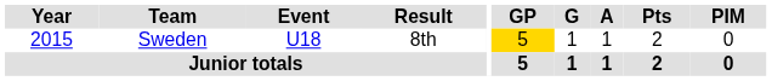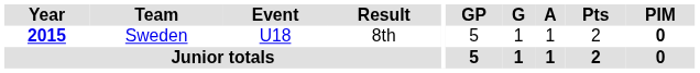 <table border="0" cellpadding="1" cellspacing="0" ID="Table3" style="text-align:center; width:40em">
 <tr ALIGN="center" bgcolor="#e0e0e0">
 <th>Year</th>
 <th>Team</th>
 <th>Event</th>
 <th>Result</th>
 <th rowspan="99" bgcolor="#ffffff"></th>
 <th>GP</th>
 <th>G</th>
 <th>A</th>
 <th>Pts</th>
 <th>PIM</th>
 </tr>
 <tr>
-<td><a href='#'>2015</a></td>
+<td><strong><a href='#'>2015</a></strong></td>
 <td><a href='#'>Sweden</a></td>
 <td><a href='#'>U18</a></td>
 <td>8th</td>
-<td style="background: gold;">5</td>
+<td>5</td>
 <td>1</td>
 <td>1</td>
 <td>2</td>
-<td>0</td>
+<td><strong>0</strong></td>
 </tr>
 <tr bgcolor="#e0e0e0">
 <th colspan="4">Junior totals</th>
 <th>5</th>
 <th>1</th>
 <th>1</th>
 <th>2</th>
 <th>0</th>
 </tr>
 </table>
